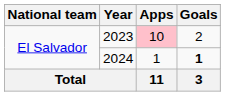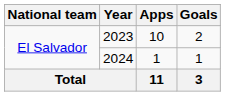 <table class="wikitable" style="text-align:center">
 <tr>
 <th>National team</th>
 <th>Year</th>
 <th>Apps</th>
 <th>Goals</th>
 </tr>
 <tr>
 <td rowspan=2><a href='#'>El Salvador</a></td>
 <td>2023</td>
-<td style="background: pink;">10</td>
+<td>10</td>
 <td>2</td>
 </tr>
 <tr>
 <td>2024</td>
 <td>1</td>
-<td><strong>1</strong></td>
+<td>1</td>
 </tr>
 <tr>
 <th colspan="2">Total</th>
 <th>11</th>
 <th>3</th>
 </tr>
 </table>
